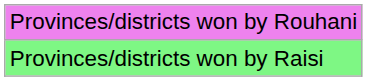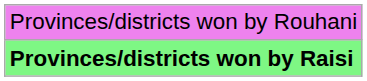 <table class="wikitable">
 <tr style="background:violet;">
 <td>Provinces/districts won by Rouhani</td>
 </tr>
 <tr style="background:#7EF784;">
-<td>Provinces/districts won by Raisi</td>
+<td><strong>Provinces/districts won by Raisi</strong></td>
 </tr>
 </table>
